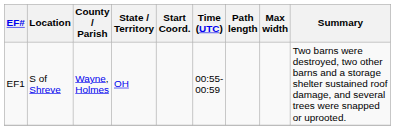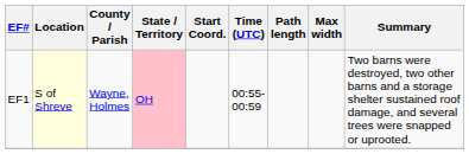 <table class="wikitable sortable" style="width:100%;">
 <tr>
 <th scope="col"  style="width:3%; text-align:center;"><a href='#'>EF#</a></th>
 <th scope="col"  style="width:7%; text-align:center;" class="unsortable">Location</th>
 <th scope="col"  style="width:6%; text-align:center;" class="unsortable">County / Parish</th>
 <th scope="col"  style="width:5%; text-align:center;">State / Territory</th>
 <th scope="col"  style="width:6%; text-align:center;">Start Coord.</th>
 <th scope="col"  style="width:6%; text-align:center;">Time (<a href='#'>UTC</a>)</th>
 <th scope="col"  style="width:6%; text-align:center;">Path length</th>
 <th scope="col"  style="width:6%; text-align:center;">Max width</th>
 <th scope="col" class="unsortable" style="width:48%; text-align:center;">Summary</th>
 </tr>
 <tr>
 <td>EF1</td>
-<td>S of <a href='#'>Shreve</a></td>
+<td style="background: lightyellow;">S of <a href='#'>Shreve</a></td>
 <td><a href='#'>Wayne</a>, <a href='#'>Holmes</a></td>
-<td><a href='#'>OH</a></td>
+<td style="background: pink;"><a href='#'>OH</a></td>
 <td></td>
 <td>00:55-00:59</td>
 <td></td>
 <td></td>
 <td>Two barns were destroyed, two other barns and a storage shelter sustained roof damage, and several trees were snapped or uprooted.</td>
 </tr>
 <tr>
 </tr>
 </table>
